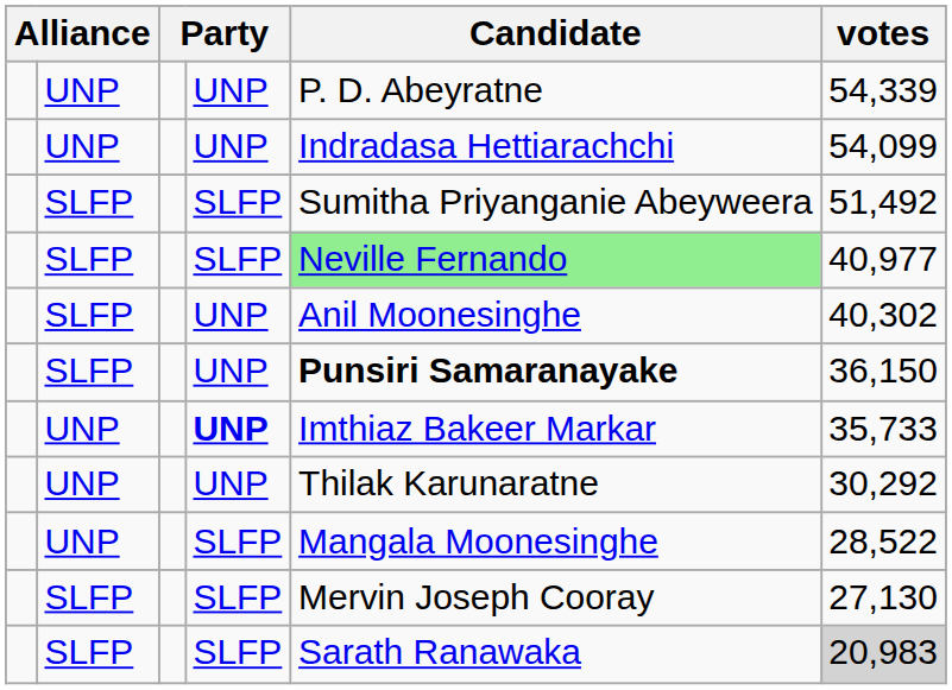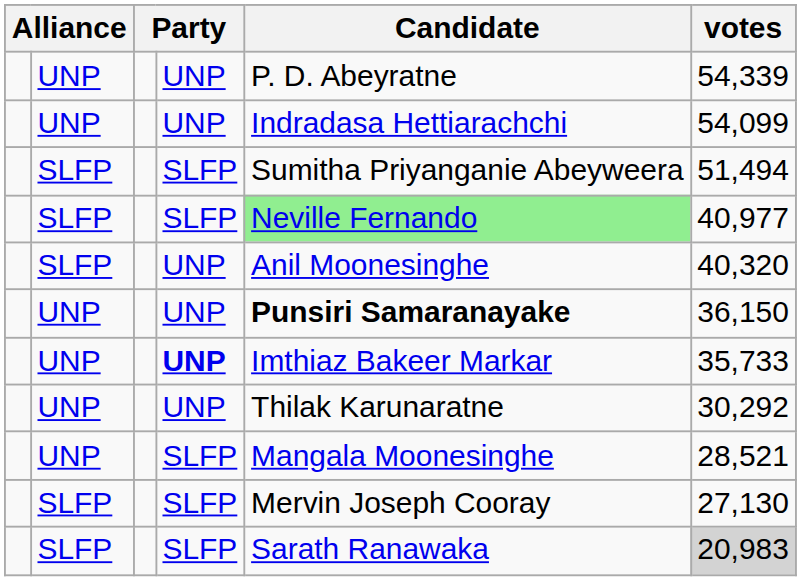 <table class="wikitable sortable mw-collapsible">
 <tr>
 <th colspan="2">Alliance</th>
 <th colspan="2">Party</th>
 <th>Candidate</th>
 <th>votes</th>
 </tr>
 <tr>
 <td bgcolor=> </td>
 <td align=left><a href='#'>UNP</a></td>
 <td bgcolor=> </td>
 <td align=left><a href='#'>UNP</a></td>
 <td>P. D. Abeyratne</td>
 <td>54,339</td>
 </tr>
 <tr>
 <td bgcolor=> </td>
 <td align=left><a href='#'>UNP</a></td>
 <td bgcolor=> </td>
 <td align=left><a href='#'>UNP</a></td>
 <td><a href='#'>Indradasa Hettiarachchi</a></td>
 <td>54,099</td>
 </tr>
 <tr>
 <td bgcolor=> </td>
 <td align=left><a href='#'>SLFP</a></td>
 <td bgcolor=> </td>
 <td align=left><a href='#'>SLFP</a></td>
 <td>Sumitha Priyanganie Abeyweera</td>
-<td>51,492</td>
+<td>51,494</td>
 </tr>
 <tr>
 <td bgcolor=> </td>
 <td align=left><a href='#'>SLFP</a></td>
 <td bgcolor=> </td>
 <td align=left><a href='#'>SLFP</a></td>
 <td style="background: lightgreen;"><a href='#'>Neville Fernando</a></td>
 <td>40,977</td>
 </tr>
 <tr>
 <td bgcolor=> </td>
 <td align=left><a href='#'>SLFP</a></td>
 <td bgcolor=> </td>
 <td align=left><a href='#'>UNP</a></td>
 <td><a href='#'>Anil Moonesinghe</a></td>
-<td>40,302</td>
+<td>40,320</td>
 </tr>
 <tr>
 <td bgcolor=> </td>
-<td align=left><a href='#'>SLFP</a></td>
+<td align=left><a href='#'>UNP</a></td>
 <td bgcolor=> </td>
 <td align=left><a href='#'>UNP</a></td>
 <td><strong>Punsiri Samaranayake</strong></td>
 <td>36,150</td>
 </tr>
 <tr>
 <td bgcolor=> </td>
 <td align=left><a href='#'>UNP</a></td>
 <td bgcolor=> </td>
 <td align=left><strong><a href='#'>UNP</a></strong></td>
 <td><a href='#'>Imthiaz Bakeer Markar</a></td>
 <td>35,733</td>
 </tr>
 <tr>
 <td bgcolor=> </td>
 <td align=left><a href='#'>UNP</a></td>
 <td bgcolor=> </td>
 <td align=left><a href='#'>UNP</a></td>
 <td>Thilak Karunaratne</td>
 <td>30,292</td>
 </tr>
 <tr>
 <td bgcolor=> </td>
 <td align=left><a href='#'>UNP</a></td>
 <td bgcolor=> </td>
 <td align=left><a href='#'>SLFP</a></td>
 <td><a href='#'>Mangala Moonesinghe</a></td>
-<td>28,522</td>
+<td>28,521</td>
 </tr>
 <tr>
 <td bgcolor=> </td>
 <td align=left><a href='#'>SLFP</a></td>
 <td bgcolor=> </td>
 <td align=left><a href='#'>SLFP</a></td>
 <td>Mervin Joseph Cooray</td>
 <td>27,130</td>
 </tr>
 <tr>
 <td bgcolor=> </td>
 <td align=left><a href='#'>SLFP</a></td>
 <td bgcolor=> </td>
 <td align=left><a href='#'>SLFP</a></td>
 <td><a href='#'>Sarath Ranawaka</a></td>
 <td style="background: lightgrey;">20,983</td>
 </tr>
 </table>
